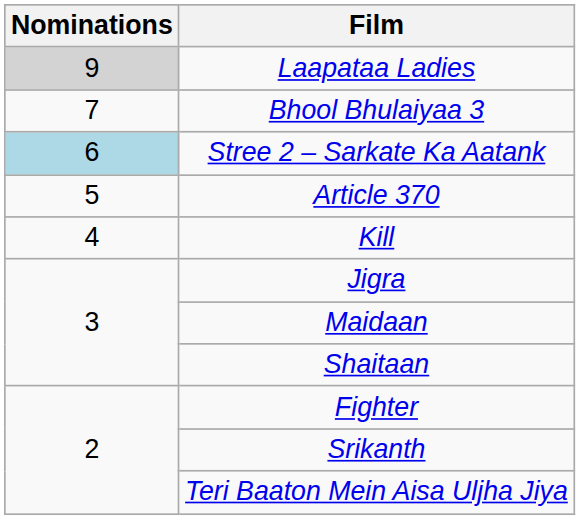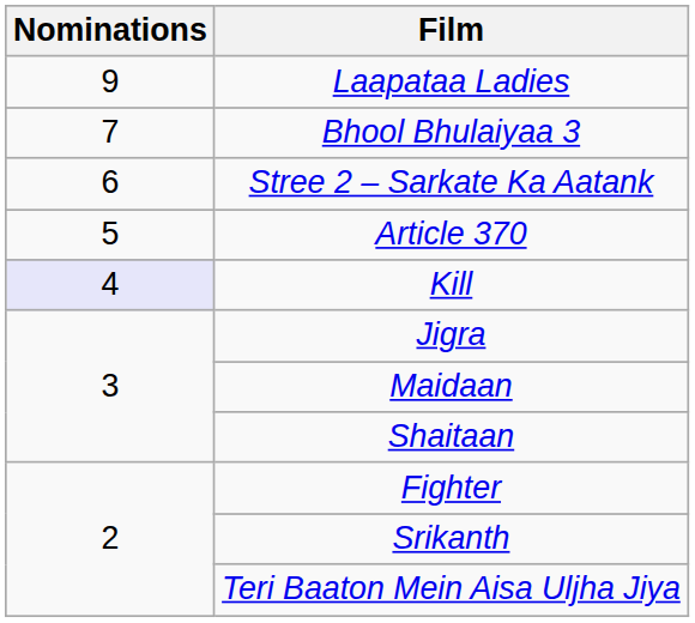 <table class="wikitable plainrowheaders" style="text-align:center;">
 <tr>
 <th scope="col" style="width:55px;">Nominations</th>
 <th scope="col" style="text-align:center;">Film</th>
 </tr>
 <tr>
-<td scope="row" style="background: lightgrey; text-align:center">9</td>
+<td scope="row" style="text-align:center">9</td>
 <td><em><a href='#'>Laapataa Ladies</a></em></td>
 </tr>
 <tr>
 <td>7</td>
 <td><em><a href='#'>Bhool Bhulaiyaa 3</a></em></td>
 </tr>
 <tr>
-<td style="background: lightblue;">6</td>
+<td>6</td>
 <td><a href='#'><em>Stree 2 – Sarkate Ka Aatank</em></a></td>
 </tr>
 <tr>
 <td scope="row" style="text-align:center">5</td>
 <td><a href='#'><em>Article 370</em></a></td>
 </tr>
 <tr>
-<td scope="row" style="text-align:center;">4</td>
+<td scope="row" style="background: lavender; text-align:center;">4</td>
 <td><a href='#'><em>Kill</em></a></td>
 </tr>
 <tr>
 <td rowspan="3">3</td>
 <td><em><a href='#'>Jigra</a></em></td>
 </tr>
 <tr>
 <td><em><a href='#'>Maidaan</a></em></td>
 </tr>
 <tr>
 <td><a href='#'><em>Shaitaan</em></a></td>
 </tr>
 <tr>
 <td rowspan="3">2</td>
 <td><a href='#'><em>Fighter</em></a></td>
 </tr>
 <tr>
 <td><a href='#'><em>Srikanth</em></a></td>
 </tr>
 <tr>
 <td><a href='#'><em>Teri Baaton Mein Aisa Uljha Jiya</em></a></td>
 </tr>
 </table>
